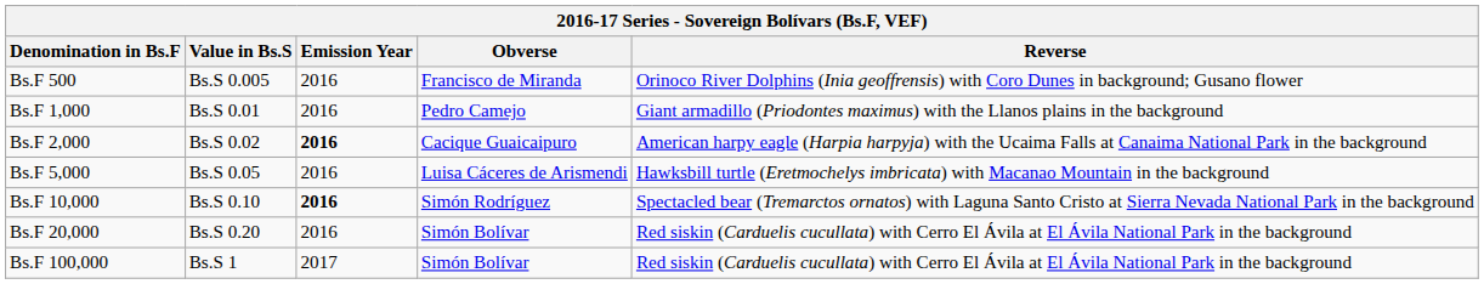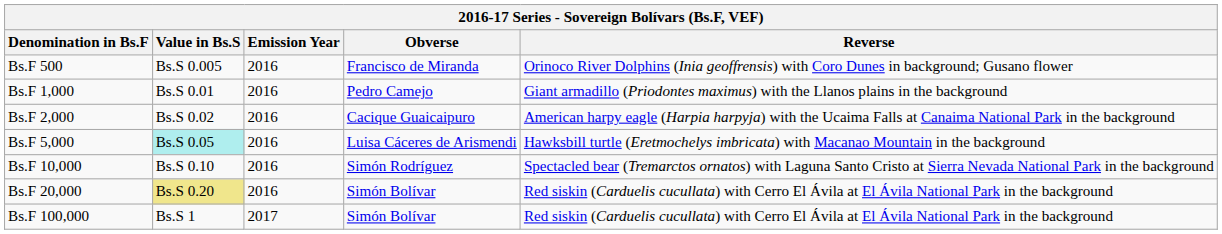 <table class="wikitable" style="font-size: 90%">
 <tr>
 <th colspan="8">2016-17 Series - Sovereign Bolívars (Bs.F, VEF)</th>
 </tr>
 <tr>
 <th>Denomination in Bs.F</th>
 <th>Value in Bs.S<br></th>
 <th>Emission Year</th>
 <th>Obverse</th>
 <th>Reverse</th>
 </tr>
 <tr>
 <td>Bs.F 500</td>
 <td>Bs.S 0.005</td>
 <td>2016</td>
 <td><a href='#'>Francisco de Miranda</a></td>
 <td><a href='#'>Orinoco River Dolphins</a> (<em>Inia geoffrensis</em>) with <a href='#'>Coro Dunes</a> in background; Gusano flower</td>
 </tr>
 <tr>
 <td>Bs.F 1,000</td>
 <td>Bs.S 0.01</td>
 <td>2016</td>
 <td><a href='#'>Pedro Camejo</a></td>
 <td><a href='#'>Giant armadillo</a> (<em>Priodontes maximus</em>) with the Llanos plains in the background</td>
 </tr>
 <tr>
 <td>Bs.F 2,000</td>
 <td>Bs.S 0.02</td>
-<td><strong>2016</strong></td>
+<td>2016</td>
 <td><a href='#'>Cacique Guaicaipuro</a></td>
 <td><a href='#'>American harpy eagle</a> (<em>Harpia harpyja</em>) with the Ucaima Falls at <a href='#'>Canaima National Park</a> in the background</td>
 </tr>
 <tr>
 <td>Bs.F 5,000</td>
-<td>Bs.S 0.05</td>
+<td style="background: paleturquoise;">Bs.S 0.05</td>
 <td>2016</td>
 <td><a href='#'>Luisa Cáceres de Arismendi</a></td>
 <td><a href='#'>Hawksbill turtle</a> (<em>Eretmochelys imbricata</em>) with <a href='#'>Macanao Mountain</a> in the background</td>
 </tr>
 <tr>
 <td>Bs.F 10,000</td>
 <td>Bs.S 0.10</td>
-<td><strong>2016</strong></td>
+<td>2016</td>
 <td><a href='#'>Simón Rodríguez</a></td>
 <td><a href='#'>Spectacled bear</a> (<em>Tremarctos ornatos</em>) with Laguna Santo Cristo at <a href='#'>Sierra Nevada National Park</a> in the background</td>
 </tr>
 <tr>
 <td>Bs.F 20,000</td>
-<td>Bs.S 0.20</td>
+<td style="background: khaki;">Bs.S 0.20</td>
 <td>2016</td>
 <td><a href='#'>Simón Bolívar</a></td>
 <td><a href='#'>Red siskin</a> (<em>Carduelis cucullata</em>) with Cerro El Ávila at <a href='#'>El Ávila National Park</a> in the background</td>
 </tr>
 <tr>
 <td>Bs.F 100,000</td>
 <td>Bs.S 1</td>
 <td>2017</td>
 <td><a href='#'>Simón Bolívar</a></td>
 <td><a href='#'>Red siskin</a> (<em>Carduelis cucullata</em>) with Cerro El Ávila at <a href='#'>El Ávila National Park</a> in the background</td>
 </tr>
 </table>
